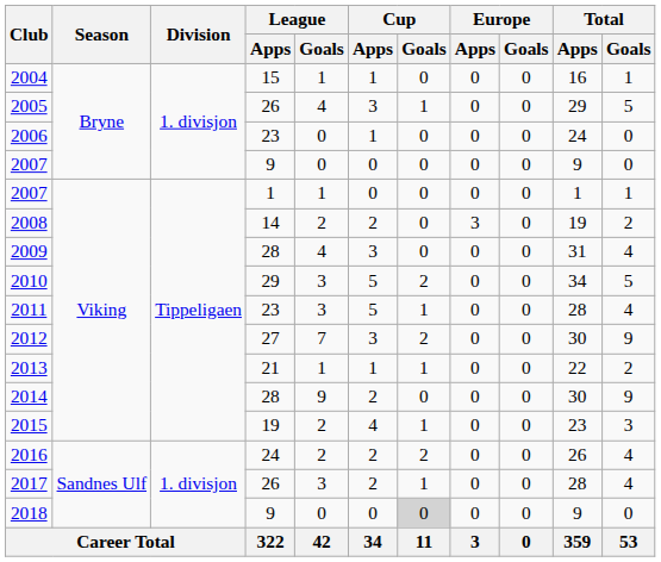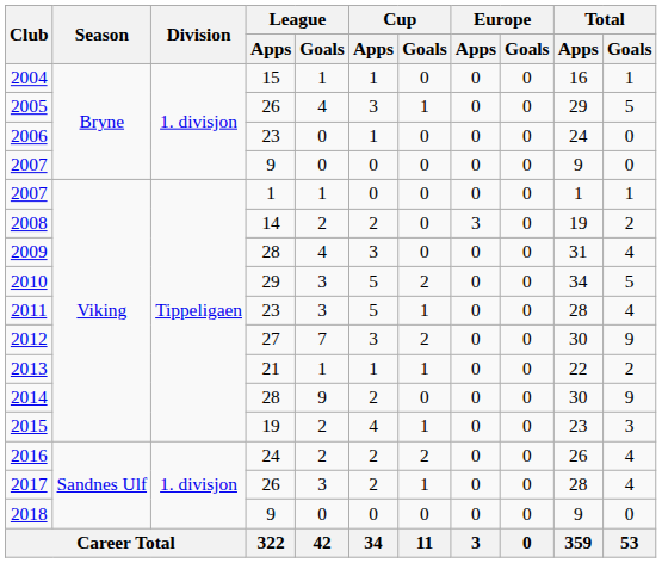 <table class="wikitable" style="text-align: center;">
 <tr>
 <th rowspan="2">Club</th>
 <th rowspan="2">Season</th>
 <th rowspan="2">Division</th>
 <th colspan="2">League</th>
 <th colspan="2">Cup</th>
 <th colspan="2">Europe</th>
 <th colspan="2">Total</th>
 </tr>
 <tr>
 <th>Apps</th>
 <th>Goals</th>
 <th>Apps</th>
 <th>Goals</th>
 <th>Apps</th>
 <th>Goals</th>
 <th>Apps</th>
 <th>Goals</th>
 </tr>
 <tr>
 <td><a href='#'>2004</a></td>
 <td rowspan="4" valign="center"><a href='#'>Bryne</a></td>
 <td rowspan="4" valign="center"><a href='#'>1. divisjon</a></td>
 <td>15</td>
 <td>1</td>
 <td>1</td>
 <td>0</td>
 <td>0</td>
 <td>0</td>
 <td>16</td>
 <td>1</td>
 </tr>
 <tr>
 <td><a href='#'>2005</a></td>
 <td>26</td>
 <td>4</td>
 <td>3</td>
 <td>1</td>
 <td>0</td>
 <td>0</td>
 <td>29</td>
 <td>5</td>
 </tr>
 <tr>
 <td><a href='#'>2006</a></td>
 <td>23</td>
 <td>0</td>
 <td>1</td>
 <td>0</td>
 <td>0</td>
 <td>0</td>
 <td>24</td>
 <td>0</td>
 </tr>
 <tr>
 <td><a href='#'>2007</a></td>
 <td>9</td>
 <td>0</td>
 <td>0</td>
 <td>0</td>
 <td>0</td>
 <td>0</td>
 <td>9</td>
 <td>0</td>
 </tr>
 <tr>
 <td><a href='#'>2007</a></td>
 <td rowspan="9" valign="center"><a href='#'>Viking</a></td>
 <td rowspan="9" valign="center"><a href='#'>Tippeligaen</a></td>
 <td>1</td>
 <td>1</td>
 <td>0</td>
 <td>0</td>
 <td>0</td>
 <td>0</td>
 <td>1</td>
 <td>1</td>
 </tr>
 <tr>
 <td><a href='#'>2008</a></td>
 <td>14</td>
 <td>2</td>
 <td>2</td>
 <td>0</td>
 <td>3</td>
 <td>0</td>
 <td>19</td>
 <td>2</td>
 </tr>
 <tr>
 <td><a href='#'>2009</a></td>
 <td>28</td>
 <td>4</td>
 <td>3</td>
 <td>0</td>
 <td>0</td>
 <td>0</td>
 <td>31</td>
 <td>4</td>
 </tr>
 <tr>
 <td><a href='#'>2010</a></td>
 <td>29</td>
 <td>3</td>
 <td>5</td>
 <td>2</td>
 <td>0</td>
 <td>0</td>
 <td>34</td>
 <td>5</td>
 </tr>
 <tr>
 <td><a href='#'>2011</a></td>
 <td>23</td>
 <td>3</td>
 <td>5</td>
 <td>1</td>
 <td>0</td>
 <td>0</td>
 <td>28</td>
 <td>4</td>
 </tr>
 <tr>
 <td><a href='#'>2012</a></td>
 <td>27</td>
 <td>7</td>
 <td>3</td>
 <td>2</td>
 <td>0</td>
 <td>0</td>
 <td>30</td>
 <td>9</td>
 </tr>
 <tr>
 <td><a href='#'>2013</a></td>
 <td>21</td>
 <td>1</td>
 <td>1</td>
 <td>1</td>
 <td>0</td>
 <td>0</td>
 <td>22</td>
 <td>2</td>
 </tr>
 <tr>
 <td><a href='#'>2014</a></td>
 <td>28</td>
 <td>9</td>
 <td>2</td>
 <td>0</td>
 <td>0</td>
 <td>0</td>
 <td>30</td>
 <td>9</td>
 </tr>
 <tr>
 <td><a href='#'>2015</a></td>
 <td>19</td>
 <td>2</td>
 <td>4</td>
 <td>1</td>
 <td>0</td>
 <td>0</td>
 <td>23</td>
 <td>3</td>
 </tr>
 <tr>
 <td><a href='#'>2016</a></td>
 <td rowspan="3" valign="center"><a href='#'>Sandnes Ulf</a></td>
 <td rowspan="3" valign="center"><a href='#'>1. divisjon</a></td>
 <td>24</td>
 <td>2</td>
 <td>2</td>
 <td>2</td>
 <td>0</td>
 <td>0</td>
 <td>26</td>
 <td>4</td>
 </tr>
 <tr>
 <td><a href='#'>2017</a></td>
 <td>26</td>
 <td>3</td>
 <td>2</td>
 <td>1</td>
 <td>0</td>
 <td>0</td>
 <td>28</td>
 <td>4</td>
 </tr>
 <tr>
 <td><a href='#'>2018</a></td>
 <td>9</td>
 <td>0</td>
 <td>0</td>
-<td style="background: lightgrey;">0</td>
+<td>0</td>
 <td>0</td>
 <td>0</td>
 <td>9</td>
 <td>0</td>
 </tr>
 <tr>
 <th colspan="3">Career Total</th>
 <th>322</th>
 <th>42</th>
 <th>34</th>
 <th>11</th>
 <th>3</th>
 <th>0</th>
 <th>359</th>
 <th>53</th>
 </tr>
 </table>
